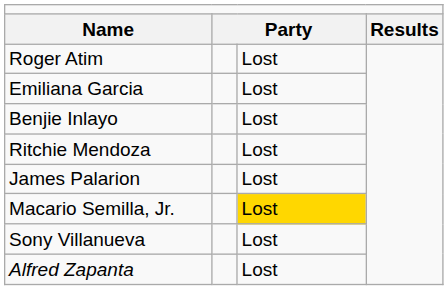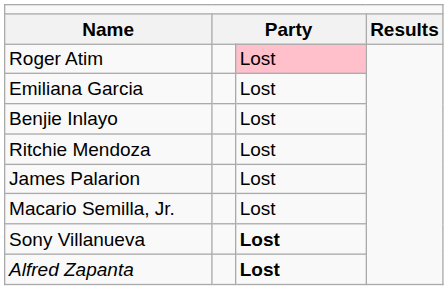 <table class="wikitable" style="font-size:90%">
 <tr>
 <td colspan="4"></td>
 </tr>
 <tr>
 <th width="150px">Name</th>
 <th colspan="2" width="110px">Party</th>
 <th>Results</th>
 </tr>
 <tr>
 <td>Roger Atim</td>
 <td></td>
-<td>Lost</td>
+<td style="background: pink;">Lost</td>
 </tr>
 <tr>
 <td>Emiliana Garcia</td>
 <td></td>
 <td>Lost</td>
 </tr>
 <tr>
 <td>Benjie Inlayo</td>
 <td></td>
 <td>Lost</td>
 </tr>
 <tr>
 <td>Ritchie Mendoza</td>
 <td></td>
 <td>Lost</td>
 </tr>
 <tr>
 <td>James Palarion</td>
 <td></td>
 <td>Lost</td>
 </tr>
 <tr>
 <td>Macario Semilla, Jr.</td>
 <td></td>
-<td style="background: gold;">Lost</td>
+<td>Lost</td>
 </tr>
 <tr>
 <td>Sony Villanueva</td>
 <td></td>
-<td>Lost</td>
+<td><strong>Lost</strong></td>
 </tr>
 <tr>
 <td><em>Alfred Zapanta</em></td>
 <td></td>
-<td>Lost</td>
+<td><strong>Lost</strong></td>
 </tr>
 </table>
